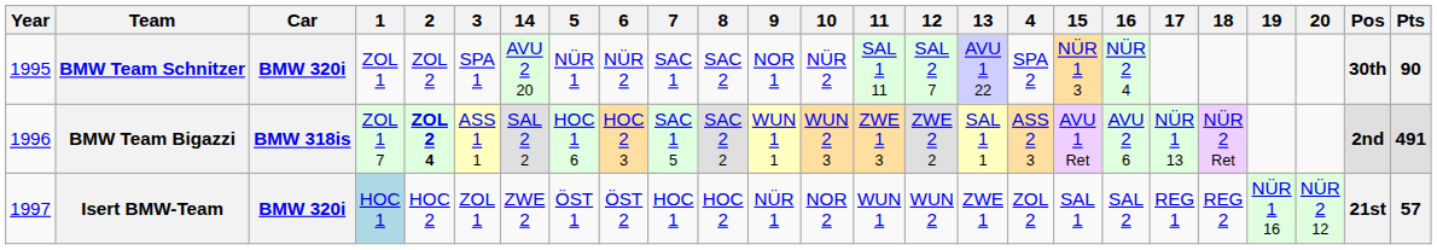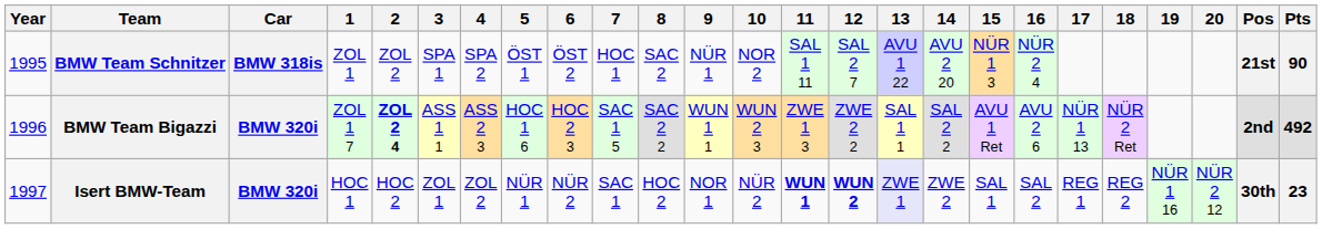 <table class="wikitable" style="text-align:center; font-size:85%">
 <tr>
 <th style="vertical-align:middle">Year</th>
 <th style="vertical-align:middle">Team</th>
 <th style="vertical-align:middle">Car</th>
 <th>1</th>
 <th>2</th>
 <th>3</th>
-<th>14</th>
+<th>4</th>
 <th>5</th>
 <th>6</th>
 <th>7</th>
 <th>8</th>
 <th>9</th>
 <th>10</th>
 <th>11</th>
 <th>12</th>
 <th>13</th>
-<th>4</th>
+<th>14</th>
 <th>15</th>
 <th>16</th>
 <th>17</th>
 <th>18</th>
 <th>19</th>
 <th>20</th>
 <th>Pos</th>
 <th>Pts</th>
 </tr>
 <tr>
 <td><a href='#'>1995</a></td>
 <th nowrap><a href='#'>BMW Team Schnitzer</a></th>
-<th nowrap><a href='#'>BMW 320i</a></th>
+<th nowrap><a href='#'>BMW 318is</a></th>
 <td><a href='#'>ZOL<br>1</a></td>
 <td><a href='#'>ZOL<br>2</a></td>
 <td><a href='#'>SPA<br>1</a></td>
-<td style="background:#DFFFDF;"><a href='#'>AVU<br>2</a><br><small>20</small></td>
+<td><a href='#'>SPA<br>2</a></td>
+<td><a href='#'>ÖST<br>1</a></td>
+<td><a href='#'>ÖST<br>2</a></td>
+<td><a href='#'>HOC<br>1</a></td>
+<td><a href='#'>SAC<br>2</a></td>
 <td><a href='#'>NÜR<br>1</a></td>
-<td><a href='#'>NÜR<br>2</a></td>
-<td><a href='#'>SAC<br>1</a></td>
-<td><a href='#'>SAC<br>2</a></td>
-<td><a href='#'>NOR<br>1</a></td>
-<td><a href='#'>NÜR<br>2</a></td>
+<td><a href='#'>NOR<br>2</a></td>
 <td style="background:#DFFFDF;"><a href='#'>SAL<br>1</a><br><small>11</small></td>
 <td style="background:#DFFFDF;"><a href='#'>SAL<br>2</a><br><small>7</small></td>
 <td style="background:#CFCFFF;"><a href='#'>AVU<br>1</a><br><small>22</small></td>
-<td><a href='#'>SPA<br>2</a></td>
+<td style="background:#DFFFDF;"><a href='#'>AVU<br>2</a><br><small>20</small></td>
 <td style="background:#FFDF9F;"><a href='#'>NÜR<br>1</a><br><small>3</small></td>
 <td style="background:#DFFFDF;"><a href='#'>NÜR<br>2</a><br><small>4</small></td>
 <td></td>
 <td></td>
 <td></td>
 <td></td>
-<th>30th</th>
+<th>21st</th>
 <th>90</th>
 </tr>
 <tr>
 <td><a href='#'>1996</a></td>
 <th nowrap>BMW Team Bigazzi</th>
-<th nowrap><a href='#'>BMW 318is</a></th>
+<th nowrap><a href='#'>BMW 320i</a></th>
 <td style="background:#DFFFDF;"><a href='#'>ZOL<br>1</a><br><small>7</small></td>
 <td style="background:#DFFFDF;"><strong><a href='#'>ZOL<br>2</a><br><small>4</small></strong></td>
 <td style="background:#FFFFBF;"><a href='#'>ASS<br>1</a><br><small>1</small></td>
-<td style="background:#DFDFDF;"><a href='#'>SAL<br>2</a><br><small>2</small></td>
+<td style="background:#FFDF9F;"><a href='#'>ASS<br>2</a><br><small>3</small></td>
 <td style="background:#DFFFDF;"><a href='#'>HOC<br>1</a><br><small>6</small></td>
 <td style="background:#FFDF9F;"><a href='#'>HOC<br>2</a><br><small>3</small></td>
 <td style="background:#DFFFDF;"><a href='#'>SAC<br>1</a><br><small>5</small></td>
 <td style="background:#DFDFDF;"><a href='#'>SAC<br>2</a><br><small>2</small></td>
 <td style="background:#FFFFBF;"><a href='#'>WUN<br>1</a><br><small>1</small></td>
 <td style="background:#FFDF9F;"><a href='#'>WUN<br>2</a><br><small>3</small></td>
 <td style="background:#FFDF9F;"><a href='#'>ZWE<br>1</a><br><small>3</small></td>
 <td style="background:#DFDFDF;"><a href='#'>ZWE<br>2</a><br><small>2</small></td>
 <td style="background:#FFFFBF;"><a href='#'>SAL<br>1</a><br><small>1</small></td>
-<td style="background:#FFDF9F;"><a href='#'>ASS<br>2</a><br><small>3</small></td>
+<td style="background:#DFDFDF;"><a href='#'>SAL<br>2</a><br><small>2</small></td>
 <td style="background:#EFCFFF;"><a href='#'>AVU<br>1</a><br><small>Ret</small></td>
 <td style="background:#DFFFDF;"><a href='#'>AVU<br>2</a><br><small>6</small></td>
 <td style="background:#DFFFDF;"><a href='#'>NÜR<br>1</a><br><small>13</small></td>
 <td style="background:#EFCFFF;"><a href='#'>NÜR<br>2</a><br><small>Ret</small></td>
 <td></td>
 <td></td>
 <th style="background:#DFDFDF;">2nd</th>
-<th style="background:#DFDFDF;">491</th>
+<th style="background:#DFDFDF;">492</th>
 </tr>
 <tr>
 <td><a href='#'>1997</a></td>
 <th nowrap>Isert BMW-Team</th>
 <th nowrap><a href='#'>BMW 320i</a></th>
-<td style="background: lightblue;"><a href='#'>HOC<br>1</a></td>
+<td><a href='#'>HOC<br>1</a></td>
 <td><a href='#'>HOC<br>2</a></td>
 <td><a href='#'>ZOL<br>1</a></td>
+<td><a href='#'>ZOL<br>2</a></td>
+<td><a href='#'>NÜR<br>1</a></td>
+<td><a href='#'>NÜR<br>2</a></td>
+<td><a href='#'>SAC<br>1</a></td>
+<td><a href='#'>HOC<br>2</a></td>
+<td><a href='#'>NOR<br>1</a></td>
+<td><a href='#'>NÜR<br>2</a></td>
+<td><strong><a href='#'>WUN<br>1</a></strong></td>
+<td><strong><a href='#'>WUN<br>2</a></strong></td>
+<td style="background: lavender;"><a href='#'>ZWE<br>1</a></td>
 <td><a href='#'>ZWE<br>2</a></td>
-<td><a href='#'>ÖST<br>1</a></td>
-<td><a href='#'>ÖST<br>2</a></td>
-<td><a href='#'>HOC<br>1</a></td>
-<td><a href='#'>HOC<br>2</a></td>
-<td><a href='#'>NÜR<br>1</a></td>
-<td><a href='#'>NOR<br>2</a></td>
-<td><a href='#'>WUN<br>1</a></td>
-<td><a href='#'>WUN<br>2</a></td>
-<td><a href='#'>ZWE<br>1</a></td>
-<td><a href='#'>ZOL<br>2</a></td>
 <td><a href='#'>SAL<br>1</a></td>
 <td><a href='#'>SAL<br>2</a></td>
 <td><a href='#'>REG<br>1</a></td>
 <td><a href='#'>REG<br>2</a></td>
 <td style="background:#DFFFDF;"><a href='#'>NÜR<br>1</a><br><small>16</small></td>
 <td style="background:#DFFFDF;"><a href='#'>NÜR<br>2</a><br><small>12</small></td>
-<th>21st</th>
-<th>57</th>
+<th>30th</th>
+<th>23</th>
 </tr>
 </table>
